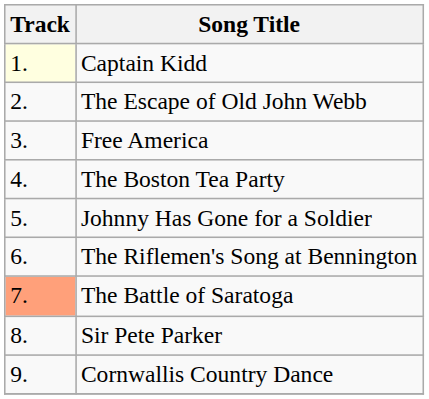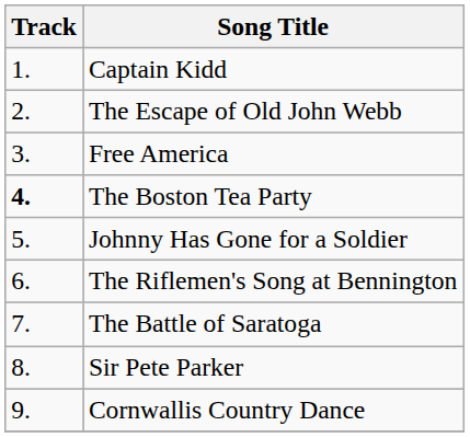 <table class="wikitable" style="font-size:95%;">
 <tr>
 <th>Track</th>
 <th>Song Title</th>
 </tr>
 <tr>
-<td style="background: lightyellow;">1.</td>
+<td>1.</td>
 <td>Captain Kidd</td>
 </tr>
 <tr>
 <td>2.</td>
 <td>The Escape of Old John Webb</td>
 </tr>
 <tr>
 <td>3.</td>
 <td>Free America</td>
 </tr>
 <tr>
-<td>4.</td>
+<td><strong>4.</strong></td>
 <td>The Boston Tea Party</td>
 </tr>
 <tr>
 <td>5.</td>
 <td>Johnny Has Gone for a Soldier</td>
 </tr>
 <tr>
 <td>6.</td>
 <td>The Riflemen's Song at Bennington</td>
 </tr>
 <tr>
-<td style="background: lightsalmon;">7.</td>
+<td>7.</td>
 <td>The Battle of Saratoga</td>
 </tr>
 <tr>
 <td>8.</td>
 <td>Sir Pete Parker</td>
 </tr>
 <tr>
 <td>9.</td>
 <td>Cornwallis Country Dance</td>
 </tr>
 <tr>
 </tr>
 </table>
